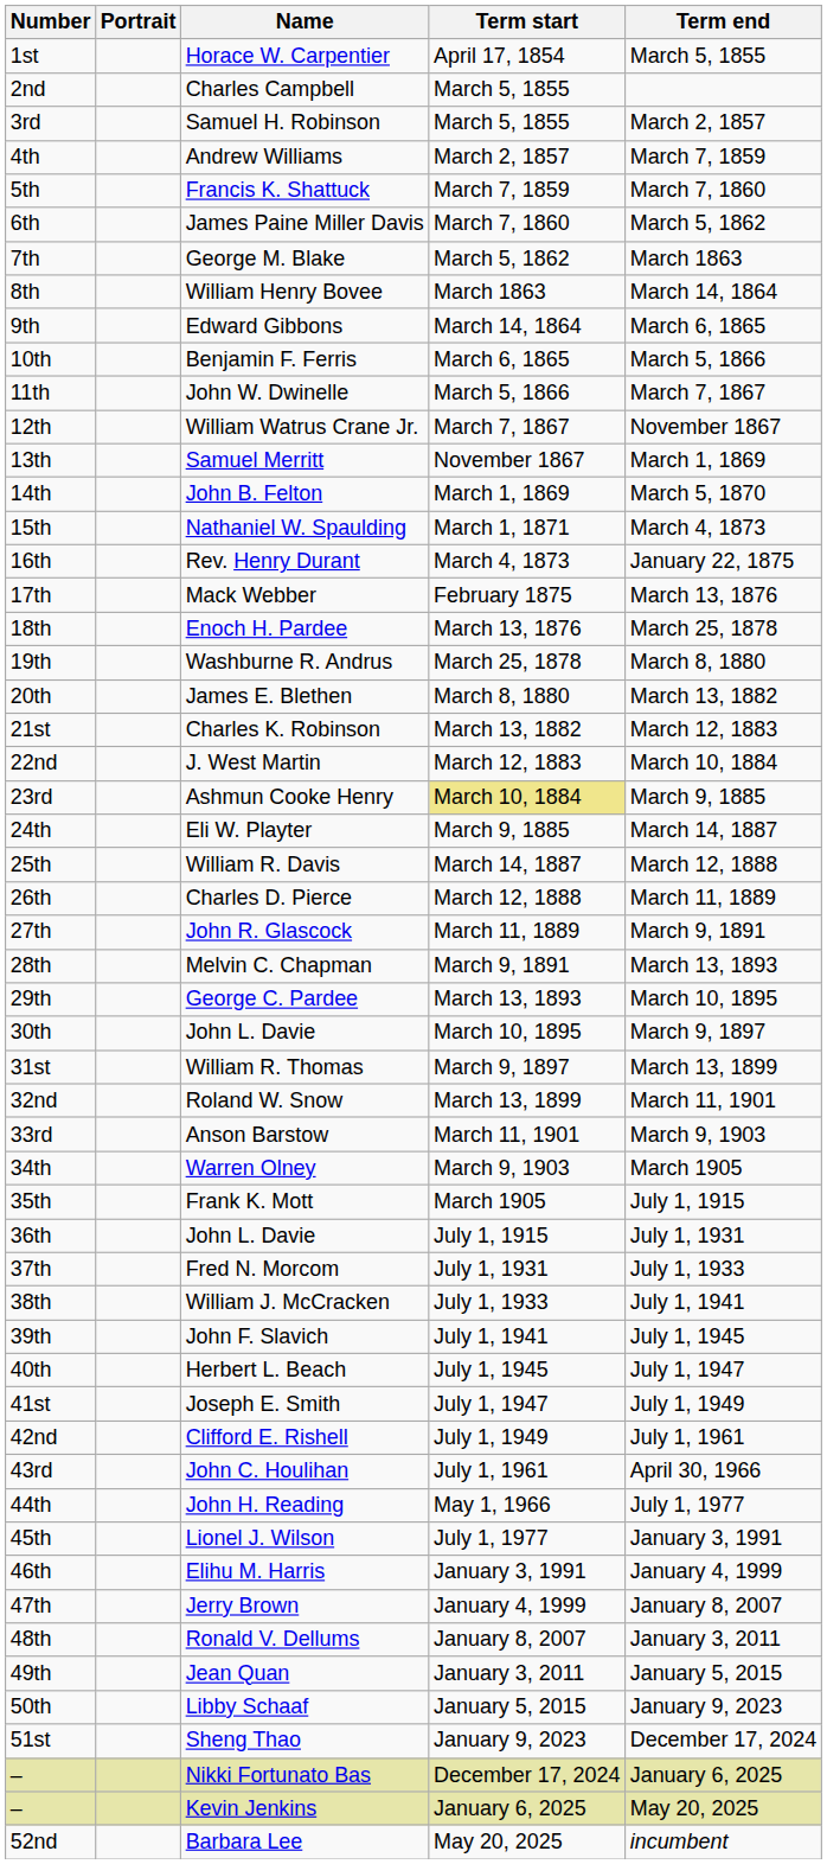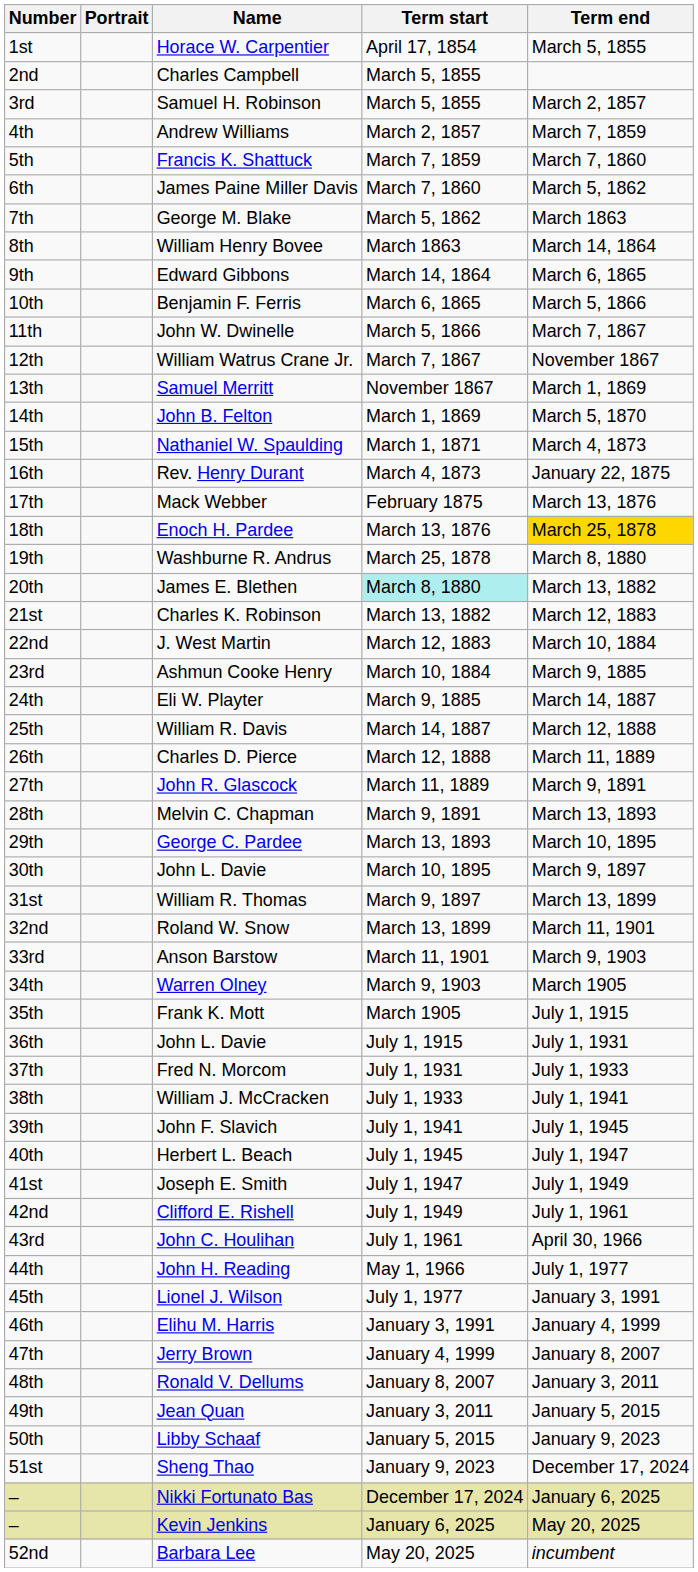 <table class="wikitable">
 <tr>
 <th>Number</th>
 <th>Portrait</th>
 <th>Name</th>
 <th>Term start</th>
 <th>Term end</th>
 </tr>
 <tr>
 <td>1st</td>
 <td></td>
 <td><a href='#'>Horace W. Carpentier</a></td>
 <td>April 17, 1854</td>
 <td>March 5, 1855</td>
 </tr>
 <tr>
 <td>2nd</td>
 <td></td>
 <td>Charles Campbell</td>
 <td>March 5, 1855</td>
 <td></td>
 </tr>
 <tr>
 <td>3rd</td>
 <td></td>
 <td>Samuel H. Robinson</td>
 <td>March 5, 1855</td>
 <td>March 2, 1857</td>
 </tr>
 <tr>
 <td>4th</td>
 <td></td>
 <td>Andrew Williams</td>
 <td>March 2, 1857</td>
 <td>March 7, 1859</td>
 </tr>
 <tr>
 <td>5th</td>
 <td></td>
 <td><a href='#'>Francis K. Shattuck</a></td>
 <td>March 7, 1859</td>
 <td>March 7, 1860</td>
 </tr>
 <tr>
 <td>6th</td>
 <td></td>
 <td>James Paine Miller Davis</td>
 <td>March 7, 1860</td>
 <td>March 5, 1862</td>
 </tr>
 <tr>
 <td>7th</td>
 <td></td>
 <td>George M. Blake</td>
 <td>March 5, 1862</td>
 <td>March 1863</td>
 </tr>
 <tr>
 <td>8th</td>
 <td></td>
 <td>William Henry Bovee</td>
 <td>March 1863</td>
 <td>March 14, 1864</td>
 </tr>
 <tr>
 <td>9th</td>
 <td></td>
 <td>Edward Gibbons</td>
 <td>March 14, 1864</td>
 <td>March 6, 1865</td>
 </tr>
 <tr>
 <td>10th</td>
 <td></td>
 <td>Benjamin F. Ferris</td>
 <td>March 6, 1865</td>
 <td>March 5, 1866</td>
 </tr>
 <tr>
 <td>11th</td>
 <td></td>
 <td>John W. Dwinelle</td>
 <td>March 5, 1866</td>
 <td>March 7, 1867</td>
 </tr>
 <tr>
 <td>12th</td>
 <td></td>
 <td>William Watrus Crane Jr.</td>
 <td>March 7, 1867</td>
 <td>November 1867</td>
 </tr>
 <tr>
 <td>13th</td>
 <td></td>
 <td><a href='#'>Samuel Merritt</a></td>
 <td>November 1867</td>
 <td>March 1, 1869</td>
 </tr>
 <tr>
 <td>14th</td>
 <td></td>
 <td><a href='#'>John B. Felton</a></td>
 <td>March 1, 1869</td>
 <td>March 5, 1870</td>
 </tr>
 <tr>
 <td>15th</td>
 <td></td>
 <td><a href='#'>Nathaniel W. Spaulding</a></td>
 <td>March 1, 1871</td>
 <td>March 4, 1873</td>
 </tr>
 <tr>
 <td>16th</td>
 <td></td>
 <td>Rev. <a href='#'>Henry Durant</a></td>
 <td>March 4, 1873</td>
 <td>January 22, 1875</td>
 </tr>
 <tr>
 <td>17th</td>
 <td></td>
 <td>Mack Webber</td>
 <td>February 1875</td>
 <td>March 13, 1876</td>
 </tr>
 <tr>
 <td>18th</td>
 <td></td>
 <td><a href='#'>Enoch H. Pardee</a></td>
 <td>March 13, 1876</td>
-<td>March 25, 1878</td>
+<td style="background: gold;">March 25, 1878</td>
 </tr>
 <tr>
 <td>19th</td>
 <td></td>
 <td>Washburne R. Andrus</td>
 <td>March 25, 1878</td>
 <td>March 8, 1880</td>
 </tr>
 <tr>
 <td>20th</td>
 <td></td>
 <td>James E. Blethen</td>
-<td>March 8, 1880</td>
+<td style="background: paleturquoise;">March 8, 1880</td>
 <td>March 13, 1882</td>
 </tr>
 <tr>
 <td>21st</td>
 <td></td>
 <td>Charles K. Robinson</td>
 <td>March 13, 1882</td>
 <td>March 12, 1883</td>
 </tr>
 <tr>
 <td>22nd</td>
 <td></td>
 <td>J. West Martin</td>
 <td>March 12, 1883</td>
 <td>March 10, 1884</td>
 </tr>
 <tr>
 <td>23rd</td>
 <td></td>
 <td>Ashmun Cooke Henry</td>
-<td style="background: khaki;">March 10, 1884</td>
+<td>March 10, 1884</td>
 <td>March 9, 1885</td>
 </tr>
 <tr>
 <td>24th</td>
 <td></td>
 <td>Eli W. Playter</td>
 <td>March 9, 1885</td>
 <td>March 14, 1887</td>
 </tr>
 <tr>
 <td>25th</td>
 <td></td>
 <td>William R. Davis</td>
 <td>March 14, 1887</td>
 <td>March 12, 1888</td>
 </tr>
 <tr>
 <td>26th</td>
 <td></td>
 <td>Charles D. Pierce</td>
 <td>March 12, 1888</td>
 <td>March 11, 1889</td>
 </tr>
 <tr>
 <td>27th</td>
 <td></td>
 <td><a href='#'>John R. Glascock</a></td>
 <td>March 11, 1889</td>
 <td>March 9, 1891</td>
 </tr>
 <tr>
 <td>28th</td>
 <td></td>
 <td>Melvin C. Chapman</td>
 <td>March 9, 1891</td>
 <td>March 13, 1893</td>
 </tr>
 <tr>
 <td>29th</td>
 <td></td>
 <td><a href='#'>George C. Pardee</a></td>
 <td>March 13, 1893</td>
 <td>March 10, 1895</td>
 </tr>
 <tr>
 <td>30th</td>
 <td></td>
 <td>John L. Davie</td>
 <td>March 10, 1895</td>
 <td>March 9, 1897</td>
 </tr>
 <tr>
 <td>31st</td>
 <td></td>
 <td>William R. Thomas</td>
 <td>March 9, 1897</td>
 <td>March 13, 1899</td>
 </tr>
 <tr>
 <td>32nd</td>
 <td></td>
 <td>Roland W. Snow</td>
 <td>March 13, 1899</td>
 <td>March 11, 1901</td>
 </tr>
 <tr>
 <td>33rd</td>
 <td></td>
 <td>Anson Barstow</td>
 <td>March 11, 1901</td>
 <td>March 9, 1903</td>
 </tr>
 <tr>
 <td>34th</td>
 <td></td>
 <td><a href='#'>Warren Olney</a></td>
 <td>March 9, 1903</td>
 <td>March 1905</td>
 </tr>
 <tr>
 <td>35th</td>
 <td></td>
 <td>Frank K. Mott</td>
 <td>March 1905</td>
 <td>July 1, 1915</td>
 </tr>
 <tr>
 <td>36th</td>
 <td></td>
 <td>John L. Davie</td>
 <td>July 1, 1915</td>
 <td>July 1, 1931</td>
 </tr>
 <tr>
 <td>37th</td>
 <td></td>
 <td>Fred N. Morcom</td>
 <td>July 1, 1931</td>
 <td>July 1, 1933</td>
 </tr>
 <tr>
 <td>38th</td>
 <td></td>
 <td>William J. McCracken</td>
 <td>July 1, 1933</td>
 <td>July 1, 1941</td>
 </tr>
 <tr>
 <td>39th</td>
 <td></td>
 <td>John F. Slavich</td>
 <td>July 1, 1941</td>
 <td>July 1, 1945</td>
 </tr>
 <tr>
 <td>40th</td>
 <td></td>
 <td>Herbert L. Beach</td>
 <td>July 1, 1945</td>
 <td>July 1, 1947</td>
 </tr>
 <tr>
 <td>41st</td>
 <td></td>
 <td>Joseph E. Smith</td>
 <td>July 1, 1947</td>
 <td>July 1, 1949</td>
 </tr>
 <tr>
 <td>42nd</td>
 <td></td>
 <td><a href='#'>Clifford E. Rishell</a></td>
 <td>July 1, 1949</td>
 <td>July 1, 1961</td>
 </tr>
 <tr>
 <td>43rd</td>
 <td></td>
 <td><a href='#'>John C. Houlihan</a></td>
 <td>July 1, 1961</td>
 <td>April 30, 1966</td>
 </tr>
 <tr>
 <td>44th</td>
 <td></td>
 <td><a href='#'>John H. Reading</a></td>
 <td>May 1, 1966</td>
 <td>July 1, 1977</td>
 </tr>
 <tr>
 <td>45th</td>
 <td></td>
 <td><a href='#'>Lionel J. Wilson</a></td>
 <td>July 1, 1977</td>
 <td>January 3, 1991</td>
 </tr>
 <tr>
 <td>46th</td>
 <td></td>
 <td><a href='#'>Elihu M. Harris</a></td>
 <td>January 3, 1991</td>
 <td>January 4, 1999</td>
 </tr>
 <tr>
 <td>47th</td>
 <td></td>
 <td><a href='#'>Jerry Brown</a></td>
 <td>January 4, 1999</td>
 <td>January 8, 2007</td>
 </tr>
 <tr>
 <td>48th</td>
 <td></td>
 <td><a href='#'>Ronald V. Dellums</a></td>
 <td>January 8, 2007</td>
 <td>January 3, 2011</td>
 </tr>
 <tr>
 <td>49th</td>
 <td></td>
 <td><a href='#'>Jean Quan</a></td>
 <td>January 3, 2011</td>
 <td>January 5, 2015</td>
 </tr>
 <tr>
 <td>50th</td>
 <td></td>
 <td><a href='#'>Libby Schaaf</a></td>
 <td>January 5, 2015</td>
 <td>January 9, 2023</td>
 </tr>
 <tr>
 <td>51st</td>
 <td></td>
 <td><a href='#'>Sheng Thao</a></td>
 <td>January 9, 2023</td>
 <td>December 17, 2024</td>
 </tr>
 <tr>
 <td style="background-color:#E6E6AA;">–</td>
 <td style="background-color:#E6E6AA;"></td>
 <td style="background-color:#E6E6AA;"><a href='#'>Nikki Fortunato Bas</a></td>
 <td style="background-color:#E6E6AA;">December 17, 2024</td>
 <td style="background-color:#E6E6AA;">January 6, 2025</td>
 </tr>
 <tr>
 <td style="background-color:#E6E6AA;">–</td>
 <td style="background-color:#E6E6AA;"></td>
 <td style="background-color:#E6E6AA;"><a href='#'>Kevin Jenkins</a></td>
 <td style="background-color:#E6E6AA;">January 6, 2025</td>
 <td style="background-color:#E6E6AA;">May 20, 2025</td>
 </tr>
 <tr>
 <td>52nd</td>
 <td></td>
 <td><a href='#'>Barbara Lee</a></td>
 <td>May 20, 2025</td>
 <td><em>incumbent</em></td>
 </tr>
 </table>
